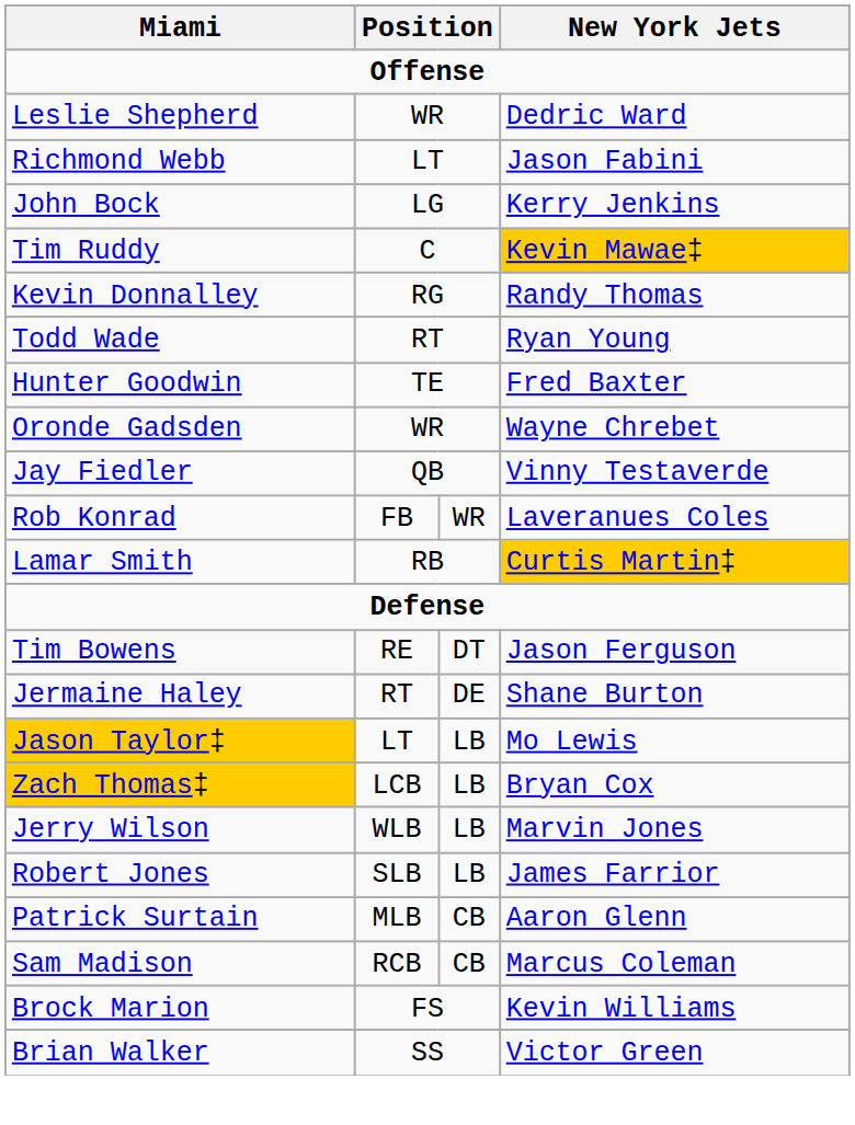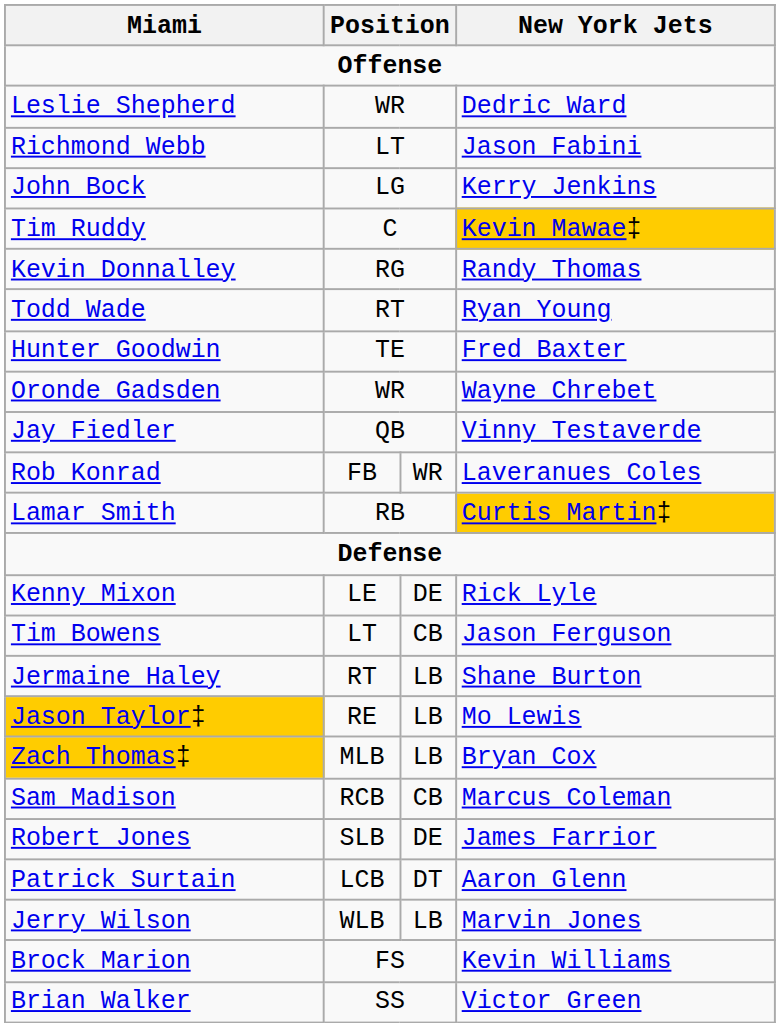 <table class="wikitable">
 <tr>
 <th style="width:160px;">Miami</th>
 <th colspan="2" style="text-align:center;">Position</th>
 <th style="width:160px;">New York Jets</th>
 </tr>
 <tr>
 <td colspan="4" style="text-align:center;"><strong>Offense</strong></td>
 </tr>
 <tr>
 <td><a href='#'>Leslie Shepherd</a></td>
 <td colspan="2" style="text-align:center;">WR</td>
 <td><a href='#'>Dedric Ward</a></td>
 </tr>
 <tr>
 <td><a href='#'>Richmond Webb</a></td>
 <td colspan="2" style="text-align:center;">LT</td>
 <td><a href='#'>Jason Fabini</a></td>
 </tr>
 <tr>
 <td><a href='#'>John Bock</a></td>
 <td colspan="2" style="text-align:center;">LG</td>
 <td><a href='#'>Kerry Jenkins</a></td>
 </tr>
 <tr>
 <td><a href='#'>Tim Ruddy</a></td>
 <td colspan="2" style="text-align:center;">C</td>
 <td bgcolor="#FFCC00"><a href='#'>Kevin Mawae</a>‡</td>
 </tr>
 <tr>
 <td><a href='#'>Kevin Donnalley</a></td>
 <td colspan="2" style="text-align:center;">RG</td>
 <td><a href='#'>Randy Thomas</a></td>
 </tr>
 <tr>
 <td><a href='#'>Todd Wade</a></td>
 <td colspan="2" style="text-align:center;">RT</td>
 <td><a href='#'>Ryan Young</a></td>
 </tr>
 <tr>
 <td><a href='#'>Hunter Goodwin</a></td>
 <td colspan="2" style="text-align:center;">TE</td>
 <td><a href='#'>Fred Baxter</a></td>
 </tr>
 <tr>
 <td><a href='#'>Oronde Gadsden</a></td>
 <td colspan="2" style="text-align:center;">WR</td>
 <td><a href='#'>Wayne Chrebet</a></td>
 </tr>
 <tr>
 <td><a href='#'>Jay Fiedler</a></td>
 <td colspan="2" style="text-align:center;">QB</td>
 <td><a href='#'>Vinny Testaverde</a></td>
 </tr>
 <tr>
 <td><a href='#'>Rob Konrad</a></td>
 <td style="text-align:center;">FB</td>
 <td style="text-align:center;">WR</td>
 <td><a href='#'>Laveranues Coles</a></td>
 </tr>
 <tr>
 <td><a href='#'>Lamar Smith</a></td>
 <td colspan="2" style="text-align:center;">RB</td>
 <td bgcolor="#FFCC00"><a href='#'>Curtis Martin</a>‡</td>
 </tr>
 <tr>
 <td colspan="4" style="text-align:center;"><strong>Defense</strong></td>
 </tr>
 <tr>
+<td><a href='#'>Kenny Mixon</a></td>
+<td style="text-align:center;">LE</td>
+<td style="text-align:center;">DE</td>
+<td><a href='#'>Rick Lyle</a></td>
+</tr>
+<tr>
 <td><a href='#'>Tim Bowens</a></td>
-<td style="text-align:center;">RE</td>
-<td style="text-align:center;">DT</td>
+<td style="text-align:center;">LT</td>
+<td style="text-align:center;">CB</td>
 <td><a href='#'>Jason Ferguson</a></td>
 </tr>
 <tr>
 <td><a href='#'>Jermaine Haley</a></td>
 <td style="text-align:center;">RT</td>
-<td style="text-align:center;">DE</td>
+<td style="text-align:center;">LB</td>
 <td><a href='#'>Shane Burton</a></td>
 </tr>
 <tr>
 <td bgcolor="#FFCC00"><a href='#'>Jason Taylor</a>‡</td>
-<td style="text-align:center;">LT</td>
+<td style="text-align:center;">RE</td>
 <td style="text-align:center;">LB</td>
 <td><a href='#'>Mo Lewis</a></td>
 </tr>
 <tr>
 <td bgcolor="#FFCC00"><a href='#'>Zach Thomas</a>‡</td>
-<td style="text-align:center;">LCB</td>
+<td style="text-align:center;">MLB</td>
 <td style="text-align:center;">LB</td>
 <td><a href='#'>Bryan Cox</a></td>
+</tr>
+<tr>
+<td><a href='#'>Sam Madison</a></td>
+<td style="text-align:center;">RCB</td>
+<td style="text-align:center;">CB</td>
+<td><a href='#'>Marcus Coleman</a></td>
+</tr>
+<tr>
+<td><a href='#'>Robert Jones</a></td>
+<td style="text-align:center;">SLB</td>
+<td style="text-align:center;">DE</td>
+<td><a href='#'>James Farrior</a></td>
+</tr>
+<tr>
+<td><a href='#'>Patrick Surtain</a></td>
+<td style="text-align:center;">LCB</td>
+<td style="text-align:center;">DT</td>
+<td><a href='#'>Aaron Glenn</a></td>
 </tr>
 <tr>
 <td><a href='#'>Jerry Wilson</a></td>
 <td style="text-align:center;">WLB</td>
 <td style="text-align:center;">LB</td>
 <td><a href='#'>Marvin Jones</a></td>
-</tr>
-<tr>
-<td><a href='#'>Robert Jones</a></td>
-<td style="text-align:center;">SLB</td>
-<td style="text-align:center;">LB</td>
-<td><a href='#'>James Farrior</a></td>
-</tr>
-<tr>
-<td><a href='#'>Patrick Surtain</a></td>
-<td style="text-align:center;">MLB</td>
-<td style="text-align:center;">CB</td>
-<td><a href='#'>Aaron Glenn</a></td>
-</tr>
-<tr>
-<td><a href='#'>Sam Madison</a></td>
-<td style="text-align:center;">RCB</td>
-<td style="text-align:center;">CB</td>
-<td><a href='#'>Marcus Coleman</a></td>
 </tr>
 <tr>
 <td><a href='#'>Brock Marion</a></td>
 <td colspan="2" style="text-align:center;">FS</td>
 <td><a href='#'>Kevin Williams</a></td>
 </tr>
 <tr>
 <td><a href='#'>Brian Walker</a></td>
 <td colspan="2" style="text-align:center;">SS</td>
 <td><a href='#'>Victor Green</a></td>
 </tr>
 </table>
